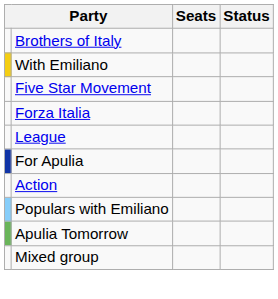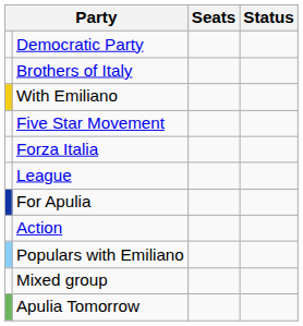 <table class=wikitable>
 <tr>
 <th colspan=2>Party</th>
 <th>Seats</th>
 <th>Status</th>
+</tr>
+<tr>
+<td></td>
+<td><a href='#'>Democratic Party</a></td>
+<td></td>
+<td></td>
 </tr>
 <tr>
 <td></td>
 <td><a href='#'>Brothers of Italy</a></td>
 <td></td>
 <td></td>
 </tr>
 <tr>
 <td bgcolor="#F4CE13"></td>
 <td>With Emiliano</td>
 <td></td>
 <td></td>
 </tr>
 <tr>
 <td></td>
 <td><a href='#'>Five Star Movement</a></td>
 <td></td>
 <td></td>
 </tr>
 <tr>
 <td></td>
 <td><a href='#'>Forza Italia</a></td>
 <td></td>
 <td></td>
 </tr>
 <tr>
 <td></td>
 <td><a href='#'>League</a></td>
 <td></td>
 <td></td>
 </tr>
 <tr>
 <td bgcolor="#1034A6"></td>
 <td>For Apulia</td>
 <td></td>
 <td></td>
 </tr>
 <tr>
 <td></td>
 <td><a href='#'>Action</a></td>
 <td></td>
 <td></td>
 </tr>
 <tr>
 <td bgcolor="#87CEFA"></td>
 <td>Populars with Emiliano</td>
 <td></td>
 <td></td>
 </tr>
 <tr>
+<td></td>
+<td>Mixed group</td>
+<td></td>
+<td></td>
+</tr>
+<tr>
 <td bgcolor="#6AB55A"></td>
 <td>Apulia Tomorrow</td>
 <td></td>
 <td></td>
 </tr>
-<tr>
-<td></td>
-<td>Mixed group</td>
-<td></td>
-<td></td>
-</tr>
 </table>
